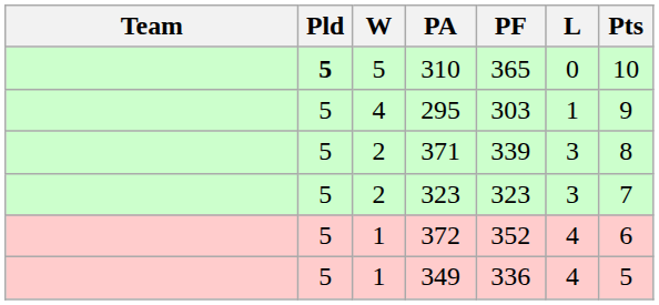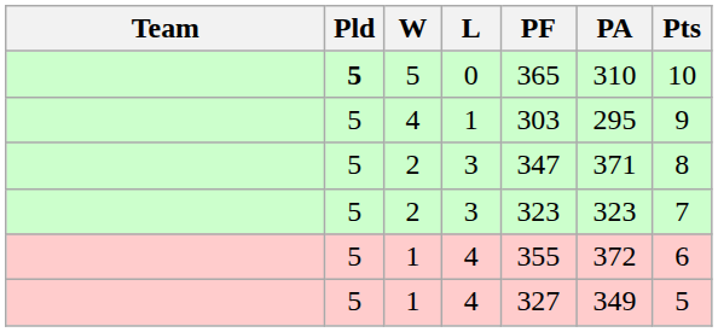 <table class="wikitable" style="text-align:center;">
 <tr>
 <th width=170>Team</th>
 <th width=25>Pld</th>
 <th width=25>W</th>
+<th width=25>L</th>
+<th width=35>PF</th>
 <th width=35>PA</th>
-<th width=35>PF</th>
-<th width=25>L</th>
 <th width=25>Pts</th>
 </tr>
 <tr bgcolor=#ccffcc>
 <td align="left"></td>
 <td><strong>5</strong></td>
 <td>5</td>
+<td>0</td>
+<td>365</td>
 <td>310</td>
-<td>365</td>
-<td>0</td>
 <td>10</td>
 </tr>
 <tr bgcolor=#ccffcc>
 <td align="left"></td>
 <td>5</td>
 <td>4</td>
+<td>1</td>
+<td>303</td>
 <td>295</td>
-<td>303</td>
-<td>1</td>
 <td>9</td>
 </tr>
 <tr bgcolor=#ccffcc>
 <td align="left"></td>
 <td>5</td>
 <td>2</td>
+<td>3</td>
+<td>347</td>
 <td>371</td>
-<td>339</td>
-<td>3</td>
 <td>8</td>
 </tr>
 <tr bgcolor=#ccffcc>
 <td align="left"></td>
 <td>5</td>
 <td>2</td>
+<td>3</td>
 <td>323</td>
 <td>323</td>
-<td>3</td>
 <td>7</td>
 </tr>
 <tr bgcolor=#ffcccc>
 <td align="left"></td>
 <td>5</td>
 <td>1</td>
+<td>4</td>
+<td>355</td>
 <td>372</td>
-<td>352</td>
-<td>4</td>
 <td>6</td>
 </tr>
 <tr bgcolor=#ffcccc>
 <td align="left"></td>
 <td>5</td>
 <td>1</td>
+<td>4</td>
+<td>327</td>
 <td>349</td>
-<td>336</td>
-<td>4</td>
 <td>5</td>
 </tr>
 </table>
